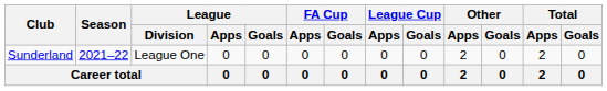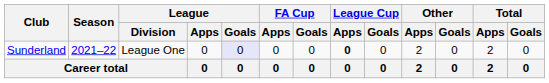 <table class=wikitable style="text-align: center">
 <tr>
 <th rowspan=2>Club</th>
 <th rowspan=2>Season</th>
 <th colspan=3>League</th>
 <th colspan=2><a href='#'>FA Cup</a></th>
 <th colspan=2><a href='#'>League Cup</a></th>
 <th colspan=2>Other</th>
 <th colspan=2>Total</th>
 </tr>
 <tr>
 <th>Division</th>
 <th>Apps</th>
 <th>Goals</th>
 <th>Apps</th>
 <th>Goals</th>
 <th>Apps</th>
 <th>Goals</th>
 <th>Apps</th>
 <th>Goals</th>
 <th>Apps</th>
 <th>Goals</th>
 </tr>
 <tr>
 <td rowspan=1><a href='#'>Sunderland</a></td>
 <td><a href='#'>2021–22</a></td>
 <td>League One</td>
 <td>0</td>
+<td style="background: lavender;">0</td>
 <td>0</td>
 <td>0</td>
-<td>0</td>
-<td>0</td>
+<td><strong>0</strong></td>
 <td>0</td>
 <td>2</td>
 <td>0</td>
 <td>2</td>
 <td>0</td>
 </tr>
 <tr>
 <th colspan=3>Career total</th>
 <th>0</th>
 <th>0</th>
 <th>0</th>
 <th>0</th>
 <th>0</th>
 <th>0</th>
 <th>2</th>
 <th>0</th>
 <th>2</th>
 <th>0</th>
 </tr>
 </table>
